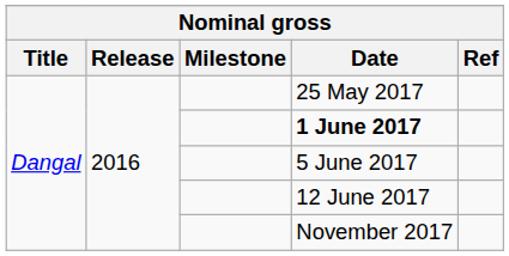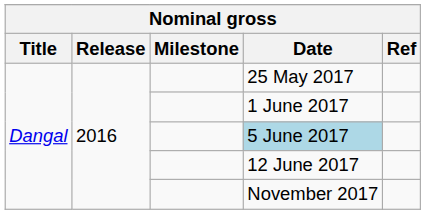 <table class="wikitable" style="margin:auto;">
 <tr>
 </tr>
 <tr>
 <th colspan="5">Nominal gross</th>
 </tr>
 <tr>
 <th>Title</th>
 <th>Release</th>
 <th>Milestone</th>
 <th>Date</th>
 <th>Ref</th>
 </tr>
 <tr>
 <td rowspan="5"><em><a href='#'>Dangal</a></em></td>
 <td rowspan="5">2016</td>
 <td></td>
 <td>25 May 2017</td>
 <td></td>
 </tr>
 <tr>
 <td></td>
-<td><strong>1 June 2017</strong></td>
+<td>1 June 2017</td>
 <td></td>
 </tr>
 <tr>
 <td></td>
-<td>5 June 2017</td>
+<td style="background: lightblue;">5 June 2017</td>
 <td></td>
 </tr>
 <tr>
 <td></td>
 <td>12 June 2017</td>
 <td></td>
 </tr>
 <tr>
 <td></td>
 <td>November 2017</td>
 <td></td>
 </tr>
 </table>
